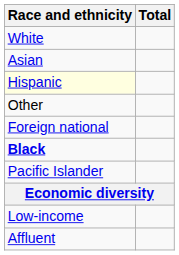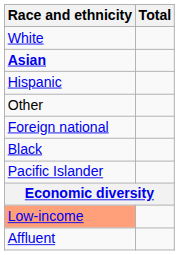 <table class="wikitable floatright sortable collapsible"; text-align:right; font-size:80%;">
 <tr>
 <th>Race and ethnicity</th>
 <th colspan="2" data-sort-type=number>Total</th>
 </tr>
 <tr>
 <td><a href='#'>White</a></td>
 <td align=right></td>
 </tr>
 <tr>
-<td><a href='#'>Asian</a></td>
+<td><strong><a href='#'>Asian</a></strong></td>
 <td align=right></td>
 </tr>
 <tr>
-<td style="background: lightyellow;"><a href='#'>Hispanic</a></td>
+<td><a href='#'>Hispanic</a></td>
 <td align=right></td>
 </tr>
 <tr>
 <td>Other</td>
 <td align=right></td>
 </tr>
 <tr>
 <td><a href='#'>Foreign national</a></td>
 <td align=right></td>
 </tr>
 <tr>
-<td><strong><a href='#'>Black</a></strong></td>
+<td><a href='#'>Black</a></td>
 <td align=right></td>
 </tr>
 <tr>
 <td><a href='#'>Pacific Islander</a></td>
 <td align=right></td>
 </tr>
 <tr>
 <th colspan="4" data-sort-type=number><a href='#'>Economic diversity</a></th>
 </tr>
 <tr>
-<td><a href='#'>Low-income</a></td>
+<td style="background: lightsalmon;"><a href='#'>Low-income</a></td>
 <td align=right></td>
 </tr>
 <tr>
 <td><a href='#'>Affluent</a></td>
 <td align=right></td>
 </tr>
 </table>
